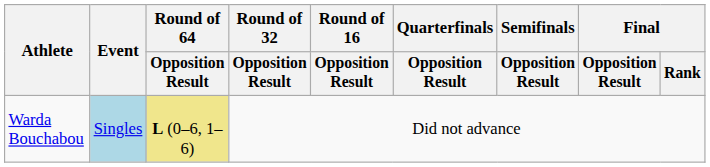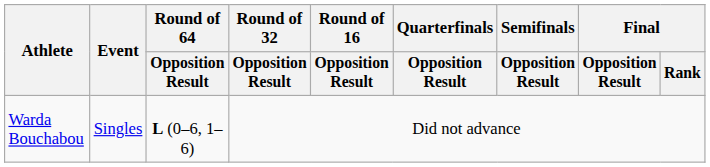 <table class="wikitable" style="font-size:90%">
 <tr>
 <th rowspan="2">Athlete</th>
 <th rowspan="2">Event</th>
 <th>Round of 64</th>
 <th>Round of 32</th>
 <th>Round of 16</th>
 <th>Quarterfinals</th>
 <th>Semifinals</th>
 <th colspan=2>Final</th>
 </tr>
 <tr style="font-size:95%">
 <th>Opposition<br>Result</th>
 <th>Opposition<br>Result</th>
 <th>Opposition<br>Result</th>
 <th>Opposition<br>Result</th>
 <th>Opposition<br>Result</th>
 <th>Opposition<br>Result</th>
 <th>Rank</th>
 </tr>
 <tr align=center>
 <td align=left><a href='#'>Warda Bouchabou</a></td>
-<td align=left style="background: lightblue;"><a href='#'>Singles</a></td>
-<td style="background: khaki;"><br><strong>L</strong> (0–6, 1–6)</td>
+<td align=left><a href='#'>Singles</a></td>
+<td><br><strong>L</strong> (0–6, 1–6)</td>
 <td colspan=6>Did not advance</td>
 </tr>
 </table>
